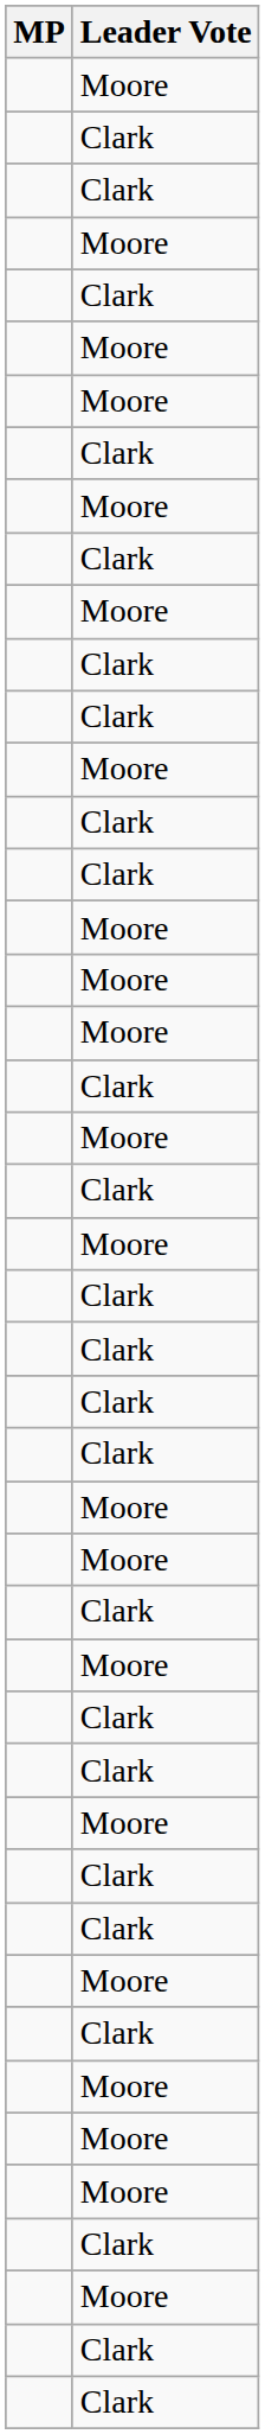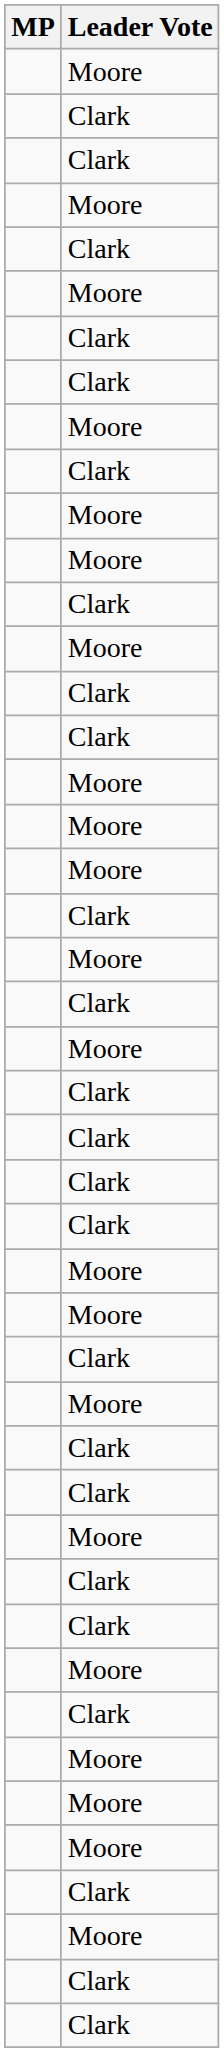 <table class="wikitable sortable">
 <tr>
 <th>MP</th>
 <th>Leader Vote</th>
 </tr>
 <tr>
 <td></td>
 <td>Moore</td>
 </tr>
 <tr>
 <td></td>
 <td>Clark</td>
 </tr>
 <tr>
 <td></td>
 <td>Clark</td>
 </tr>
 <tr>
 <td></td>
 <td>Moore</td>
 </tr>
 <tr>
 <td></td>
 <td>Clark</td>
 </tr>
 <tr>
 <td></td>
 <td>Moore</td>
 </tr>
 <tr>
 <td></td>
-<td>Moore</td>
+<td>Clark</td>
 </tr>
 <tr>
 <td></td>
 <td>Clark</td>
 </tr>
 <tr>
 <td></td>
 <td>Moore</td>
 </tr>
 <tr>
 <td></td>
 <td>Clark</td>
 </tr>
 <tr>
 <td></td>
 <td>Moore</td>
 </tr>
 <tr>
 <td></td>
-<td>Clark</td>
+<td>Moore</td>
 </tr>
 <tr>
 <td></td>
 <td>Clark</td>
 </tr>
 <tr>
 <td></td>
 <td>Moore</td>
 </tr>
 <tr>
 <td></td>
 <td>Clark</td>
 </tr>
 <tr>
 <td></td>
 <td>Clark</td>
 </tr>
 <tr>
 <td></td>
 <td>Moore</td>
 </tr>
 <tr>
 <td></td>
 <td>Moore</td>
 </tr>
 <tr>
 <td></td>
 <td>Moore</td>
 </tr>
 <tr>
 <td></td>
 <td>Clark</td>
 </tr>
 <tr>
 <td></td>
 <td>Moore</td>
 </tr>
 <tr>
 <td></td>
 <td>Clark</td>
 </tr>
 <tr>
 <td></td>
 <td>Moore</td>
 </tr>
 <tr>
 <td></td>
 <td>Clark</td>
 </tr>
 <tr>
 <td></td>
 <td>Clark</td>
 </tr>
 <tr>
 <td></td>
 <td>Clark</td>
 </tr>
 <tr>
 <td></td>
 <td>Clark</td>
 </tr>
 <tr>
 <td></td>
 <td>Moore</td>
 </tr>
 <tr>
 <td></td>
 <td>Moore</td>
 </tr>
 <tr>
 <td></td>
 <td>Clark</td>
 </tr>
 <tr>
 <td></td>
 <td>Moore</td>
 </tr>
 <tr>
 <td></td>
 <td>Clark</td>
 </tr>
 <tr>
 <td></td>
 <td>Clark</td>
 </tr>
 <tr>
 <td></td>
 <td>Moore</td>
 </tr>
 <tr>
 <td></td>
 <td>Clark</td>
 </tr>
 <tr>
 <td></td>
 <td>Clark</td>
 </tr>
 <tr>
 <td></td>
 <td>Moore</td>
 </tr>
 <tr>
 <td></td>
 <td>Clark</td>
 </tr>
 <tr>
 <td></td>
 <td>Moore</td>
 </tr>
 <tr>
 <td></td>
 <td>Moore</td>
 </tr>
 <tr>
 <td></td>
 <td>Moore</td>
 </tr>
 <tr>
 <td></td>
 <td>Clark</td>
 </tr>
 <tr>
 <td></td>
 <td>Moore</td>
 </tr>
 <tr>
 <td></td>
 <td>Clark</td>
 </tr>
 <tr>
 <td></td>
 <td>Clark</td>
 </tr>
 </table>
